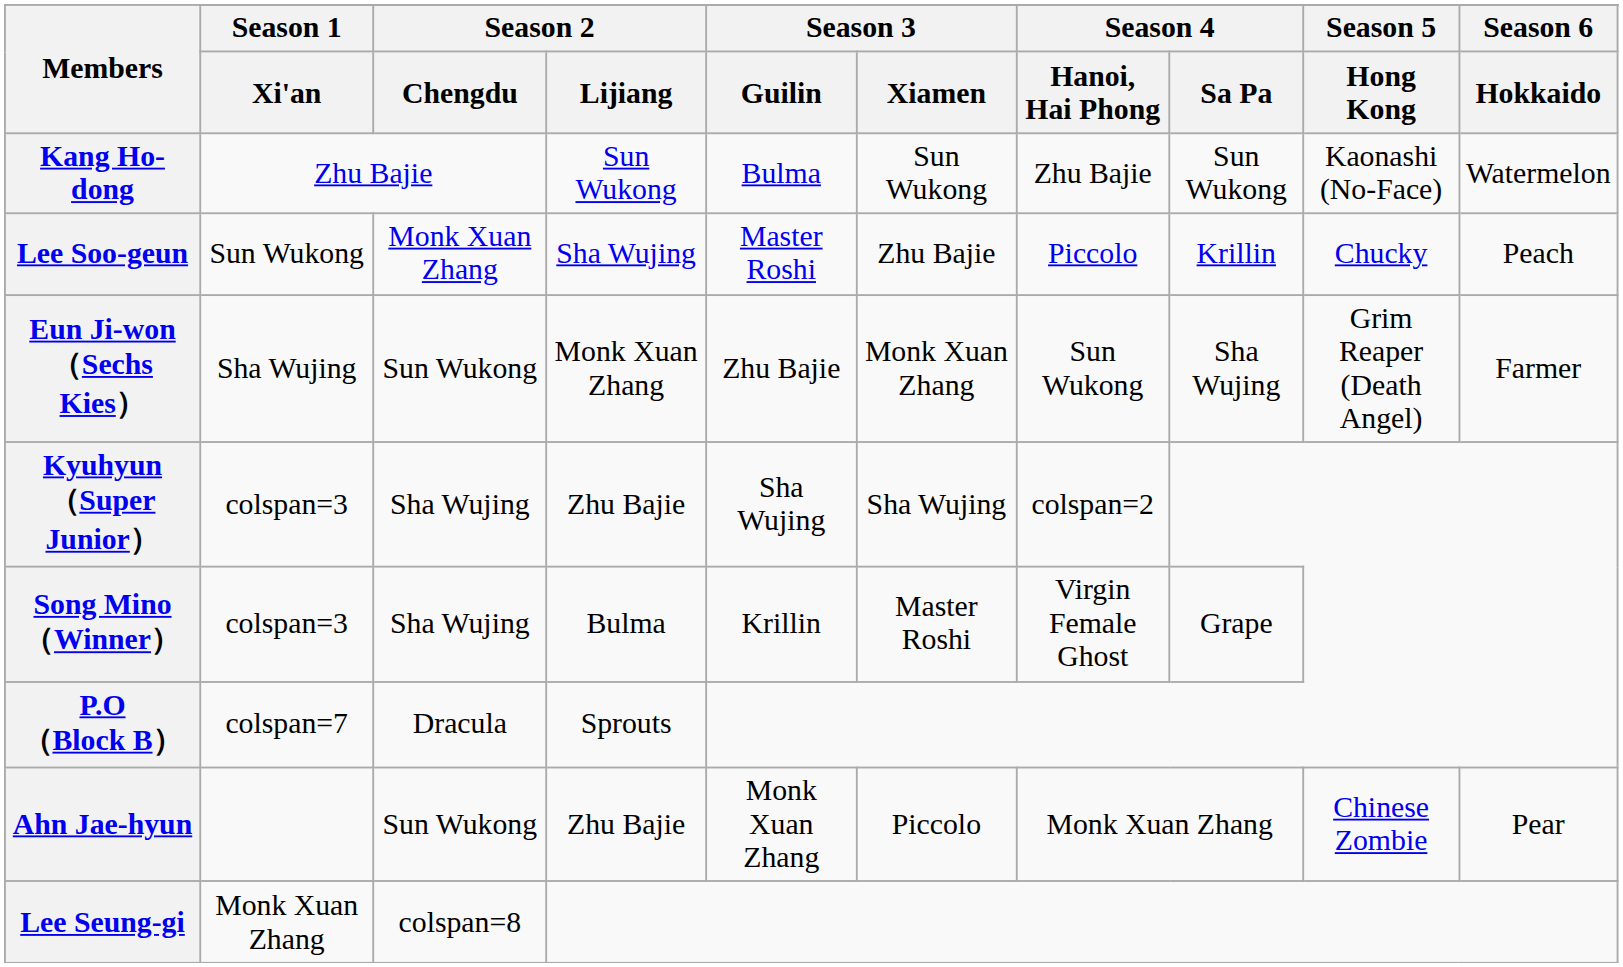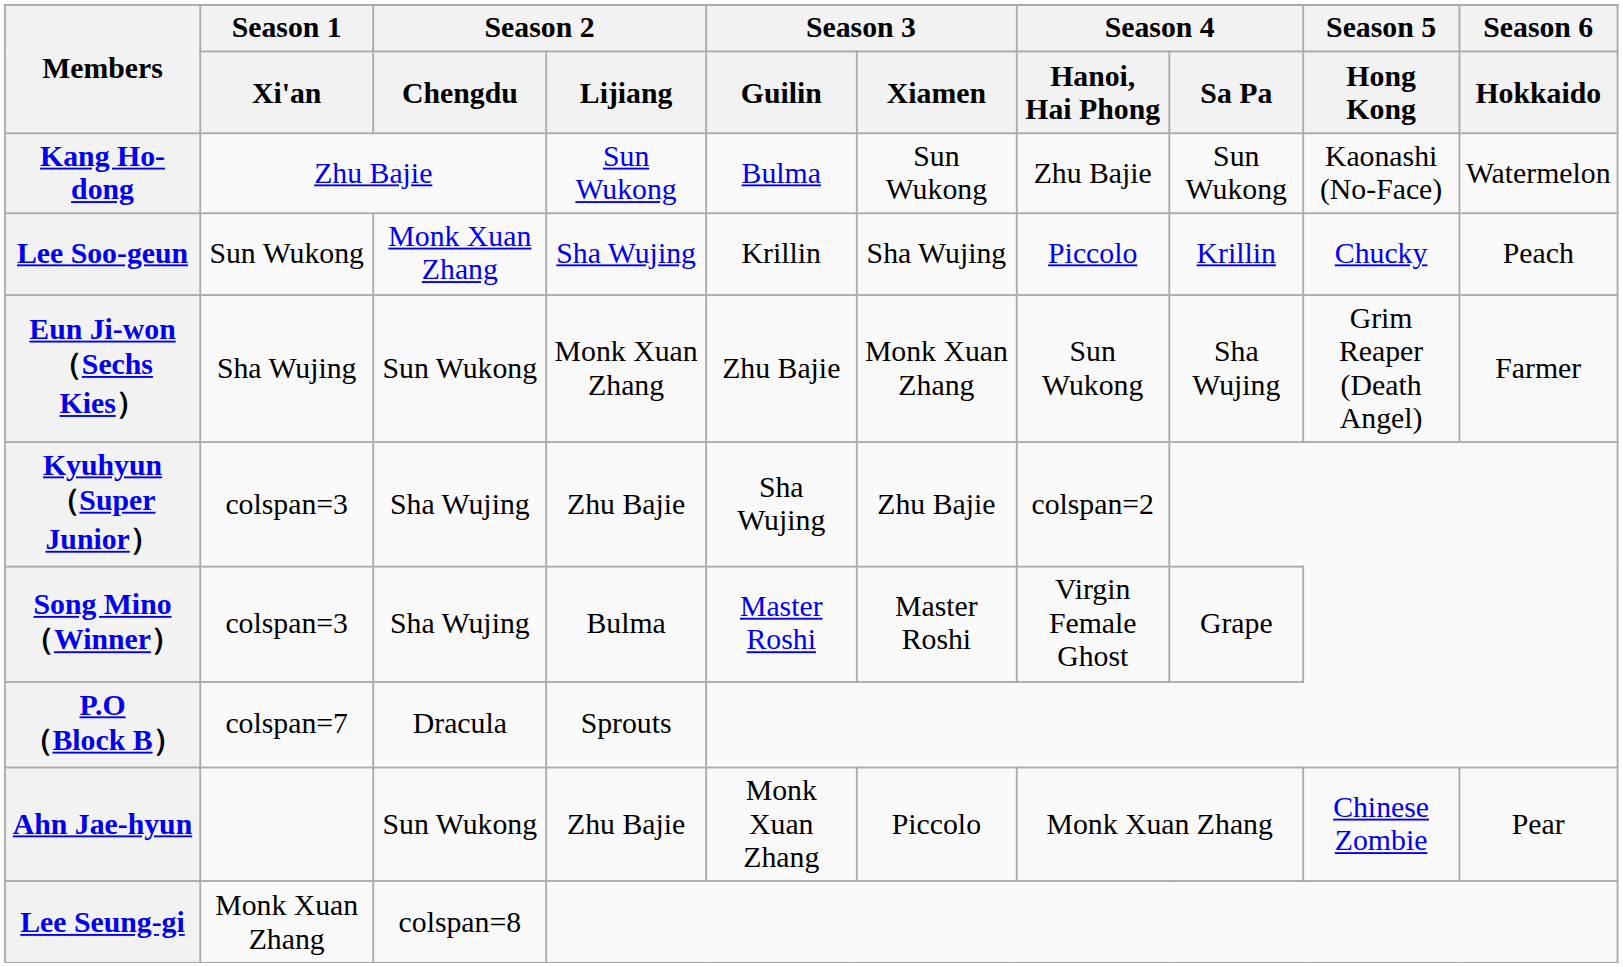 <table class=wikitable style="text-align:center">
 <tr>
 <th rowspan=3>Members</th>
 </tr>
 <tr>
 <th>Season 1</th>
 <th colspan=2>Season 2</th>
 <th colspan=2>Season 3</th>
 <th colspan=2>Season 4</th>
 <th>Season 5</th>
 <th>Season 6</th>
 </tr>
 <tr>
 <th>Xi'an</th>
 <th>Chengdu</th>
 <th>Lijiang</th>
 <th>Guilin</th>
 <th>Xiamen</th>
 <th>Hanoi,<br>Hai Phong</th>
 <th>Sa Pa</th>
 <th>Hong Kong</th>
 <th>Hokkaido</th>
 </tr>
 <tr>
 <th><a href='#'>Kang Ho-dong</a></th>
 <td colspan=2><a href='#'>Zhu Bajie</a></td>
 <td><a href='#'>Sun Wukong</a></td>
 <td><a href='#'>Bulma</a></td>
 <td>Sun Wukong</td>
 <td>Zhu Bajie</td>
 <td>Sun Wukong</td>
 <td>Kaonashi<br>(No-Face)</td>
 <td>Watermelon</td>
 </tr>
 <tr>
 <th><a href='#'>Lee Soo-geun</a></th>
 <td>Sun Wukong</td>
 <td><a href='#'>Monk Xuan Zhang</a></td>
 <td><a href='#'>Sha Wujing</a></td>
-<td><a href='#'>Master Roshi</a></td>
-<td>Zhu Bajie</td>
+<td>Krillin</td>
+<td>Sha Wujing</td>
 <td><a href='#'>Piccolo</a></td>
 <td><a href='#'>Krillin</a></td>
 <td><a href='#'>Chucky</a></td>
 <td>Peach</td>
 </tr>
 <tr>
 <th><a href='#'>Eun Ji-won</a><br>（<a href='#'>Sechs Kies</a>）</th>
 <td>Sha Wujing</td>
 <td>Sun Wukong</td>
 <td>Monk Xuan Zhang</td>
 <td>Zhu Bajie</td>
 <td>Monk Xuan Zhang</td>
 <td>Sun Wukong</td>
 <td>Sha Wujing</td>
 <td>Grim Reaper<br>(Death Angel)</td>
 <td>Farmer</td>
 </tr>
 <tr>
 <th><a href='#'>Kyuhyun</a><br>（<a href='#'>Super Junior</a>）</th>
 <td>colspan=3 </td>
 <td>Sha Wujing</td>
 <td>Zhu Bajie</td>
 <td>Sha Wujing</td>
-<td>Sha Wujing</td>
+<td>Zhu Bajie</td>
 <td>colspan=2 </td>
 </tr>
 <tr>
 <th><a href='#'>Song Mino</a><br>（<a href='#'>Winner</a>）</th>
 <td>colspan=3 </td>
 <td>Sha Wujing</td>
 <td>Bulma</td>
-<td>Krillin</td>
+<td><a href='#'>Master Roshi</a></td>
 <td>Master Roshi</td>
 <td>Virgin Female<br>Ghost</td>
 <td>Grape</td>
 </tr>
 <tr>
 <th><a href='#'>P.O</a><br>（<a href='#'>Block B</a>）</th>
 <td>colspan=7 </td>
 <td>Dracula</td>
 <td>Sprouts</td>
 </tr>
 <tr>
 <th><a href='#'>Ahn Jae-hyun</a></th>
 <td></td>
 <td>Sun Wukong</td>
 <td>Zhu Bajie</td>
 <td>Monk Xuan Zhang</td>
 <td>Piccolo</td>
 <td colspan=2>Monk Xuan Zhang</td>
 <td><a href='#'>Chinese Zombie</a></td>
 <td>Pear</td>
 </tr>
 <tr>
 <th><a href='#'>Lee Seung-gi</a></th>
 <td>Monk Xuan Zhang</td>
 <td>colspan=8 </td>
 </tr>
 </table>
